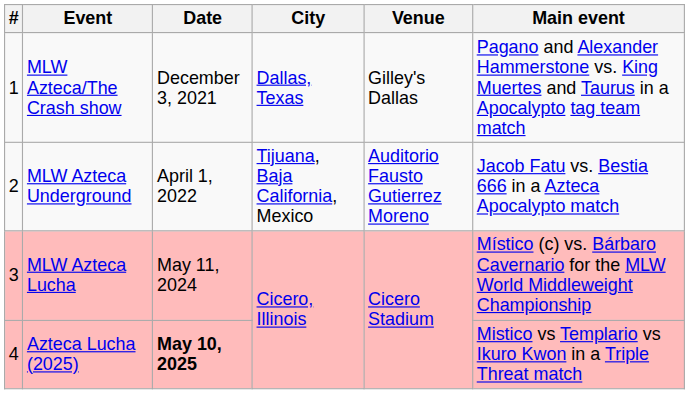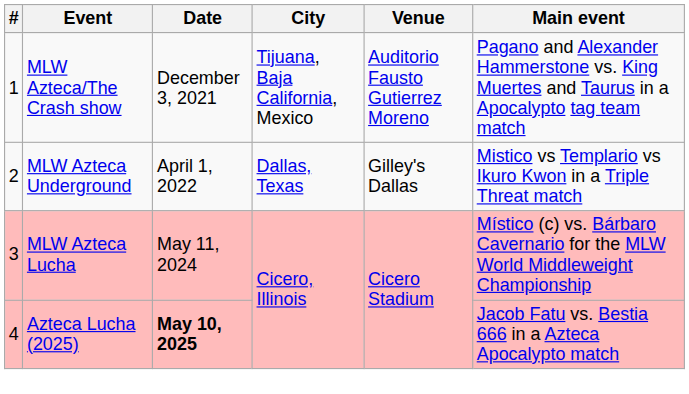 <table class="wikitable sortable">
 <tr>
 <th>#</th>
 <th>Event</th>
 <th>Date</th>
 <th>City</th>
 <th>Venue</th>
 <th>Main event</th>
 </tr>
 <tr>
 <td>1</td>
 <td><a href='#'>MLW Azteca/The Crash show</a></td>
 <td>December 3, 2021</td>
-<td><a href='#'>Dallas, Texas</a></td>
-<td>Gilley's Dallas</td>
+<td><a href='#'>Tijuana</a>, <a href='#'>Baja California</a>, Mexico</td>
+<td><a href='#'>Auditorio Fausto Gutierrez Moreno</a></td>
 <td><a href='#'>Pagano</a> and <a href='#'>Alexander Hammerstone</a> vs. <a href='#'>King Muertes</a> and <a href='#'>Taurus</a> in a <a href='#'>Apocalypto</a> <a href='#'>tag team match</a></td>
 </tr>
 <tr>
 <td>2</td>
 <td><a href='#'>MLW Azteca Underground</a></td>
 <td>April 1, 2022</td>
-<td><a href='#'>Tijuana</a>, <a href='#'>Baja California</a>, Mexico</td>
-<td><a href='#'>Auditorio Fausto Gutierrez Moreno</a></td>
-<td><a href='#'>Jacob Fatu</a> vs. <a href='#'>Bestia 666</a> in a <a href='#'>Azteca Apocalypto match</a></td>
+<td><a href='#'>Dallas, Texas</a></td>
+<td>Gilley's Dallas</td>
+<td><a href='#'>Mistico</a> vs <a href='#'>Templario</a> vs <a href='#'>Ikuro Kwon</a> in a <a href='#'>Triple Threat match</a></td>
 </tr>
 <tr style="background: #FBB;">
 <td>3</td>
 <td><a href='#'>MLW Azteca Lucha</a></td>
 <td>May 11, 2024</td>
 <td rowspan=2><a href='#'>Cicero, Illinois</a></td>
 <td rowspan=2><a href='#'>Cicero Stadium</a></td>
 <td><a href='#'>Místico</a> (c) vs. <a href='#'>Bárbaro Cavernario</a> for the <a href='#'>MLW World Middleweight Championship</a></td>
 </tr>
 <tr style="background: #FBB;">
 <td>4</td>
 <td><a href='#'>Azteca Lucha (2025)</a></td>
 <td><strong>May 10, 2025</strong></td>
-<td><a href='#'>Mistico</a> vs <a href='#'>Templario</a> vs <a href='#'>Ikuro Kwon</a> in a <a href='#'>Triple Threat match</a></td>
+<td><a href='#'>Jacob Fatu</a> vs. <a href='#'>Bestia 666</a> in a <a href='#'>Azteca Apocalypto match</a></td>
 </tr>
 </table>
